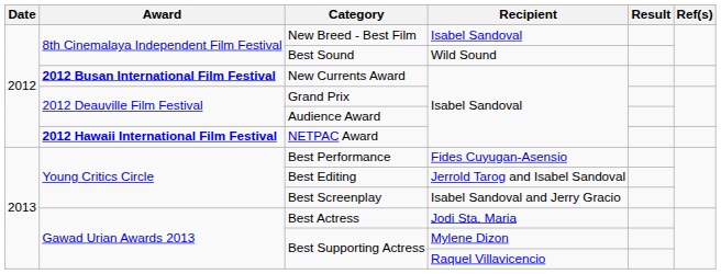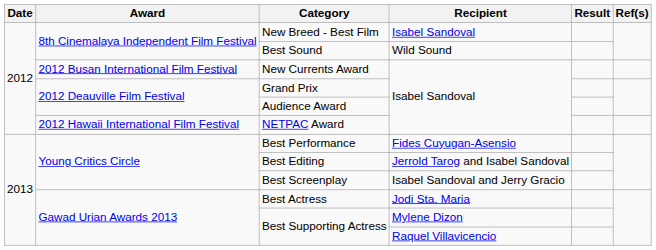 <table class="wikitable">
 <tr>
 <th>Date</th>
 <th>Award</th>
 <th>Category</th>
 <th>Recipient</th>
 <th>Result</th>
 <th>Ref(s)</th>
 </tr>
 <tr>
 <td rowspan="6">2012</td>
 <td rowspan="2"><a href='#'>8th Cinemalaya Independent Film Festival</a></td>
 <td>New Breed - Best Film</td>
 <td><a href='#'>Isabel Sandoval</a></td>
 <td></td>
 <td rowspan="2"></td>
 </tr>
 <tr>
 <td>Best Sound</td>
 <td>Wild Sound</td>
 <td></td>
 </tr>
 <tr>
-<td><strong><a href='#'>2012 Busan International Film Festival</a></strong></td>
+<td><a href='#'>2012 Busan International Film Festival</a></td>
 <td>New Currents Award</td>
 <td rowspan="4">Isabel Sandoval</td>
 <td></td>
 <td></td>
 </tr>
 <tr>
 <td rowspan="2"><a href='#'>2012 Deauville Film Festival</a></td>
 <td>Grand Prix</td>
 <td></td>
 <td rowspan="2"></td>
 </tr>
 <tr>
 <td>Audience Award</td>
 <td></td>
 </tr>
 <tr>
-<td><strong><a href='#'>2012 Hawaii International Film Festival</a></strong></td>
+<td><a href='#'>2012 Hawaii International Film Festival</a></td>
 <td><a href='#'>NETPAC</a> Award</td>
 <td></td>
 <td></td>
 </tr>
 <tr>
 <td rowspan="6">2013</td>
 <td rowspan="3"><a href='#'>Young Critics Circle</a></td>
 <td>Best Performance</td>
 <td><a href='#'>Fides Cuyugan-Asensio</a></td>
 <td></td>
 <td rowspan="3"></td>
 </tr>
 <tr>
 <td>Best Editing</td>
 <td><a href='#'>Jerrold Tarog</a> and Isabel Sandoval</td>
 <td></td>
 </tr>
 <tr>
 <td>Best Screenplay</td>
 <td>Isabel Sandoval and Jerry Gracio</td>
 <td></td>
 </tr>
 <tr>
 <td rowspan="3"><a href='#'>Gawad Urian Awards 2013</a></td>
 <td>Best Actress</td>
 <td><a href='#'>Jodi Sta. Maria</a></td>
 <td></td>
 <td rowspan="3"></td>
 </tr>
 <tr>
 <td rowspan="2">Best Supporting Actress</td>
 <td><a href='#'>Mylene Dizon</a></td>
 <td></td>
 </tr>
 <tr>
 <td><a href='#'>Raquel Villavicencio</a></td>
 <td></td>
 </tr>
 </table>
